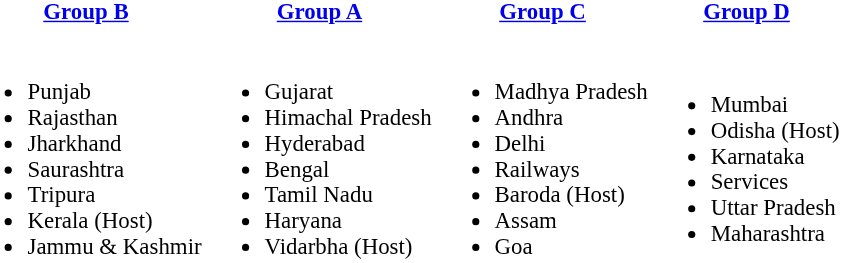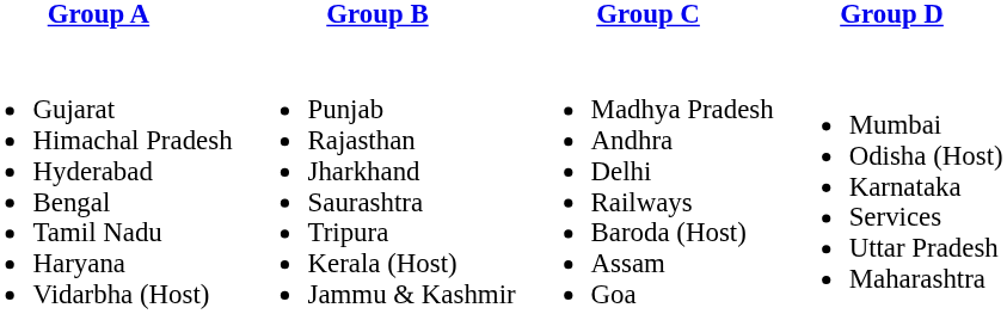 <table>
 <tr>
+<th><a href='#'>Group A</a></th>
 <th><a href='#'>Group B</a></th>
-<th><a href='#'>Group A</a></th>
 <th><a href='#'>Group C</a></th>
 <th><a href='#'>Group D</a></th>
 </tr>
 <tr>
+<td><br><ul><li>Gujarat</li><li>Himachal Pradesh</li><li>Hyderabad</li><li>Bengal</li><li>Tamil Nadu</li><li>Haryana</li><li>Vidarbha (Host)</li></ul></td>
 <td><br><ul><li>Punjab</li><li>Rajasthan</li><li>Jharkhand</li><li>Saurashtra</li><li>Tripura</li><li>Kerala (Host)</li><li>Jammu & Kashmir</li></ul></td>
-<td><br><ul><li>Gujarat</li><li>Himachal Pradesh</li><li>Hyderabad</li><li>Bengal</li><li>Tamil Nadu</li><li>Haryana</li><li>Vidarbha (Host)</li></ul></td>
 <td><br><ul><li>Madhya Pradesh</li><li>Andhra</li><li>Delhi</li><li>Railways</li><li>Baroda (Host)</li><li>Assam</li><li>Goa</li></ul></td>
 <td><br><ul><li>Mumbai</li><li>Odisha (Host)</li><li>Karnataka</li><li>Services</li><li>Uttar Pradesh</li><li>Maharashtra</li></ul></td>
 </tr>
 </table>
